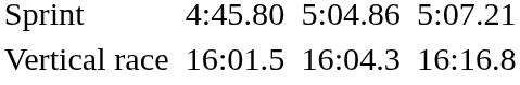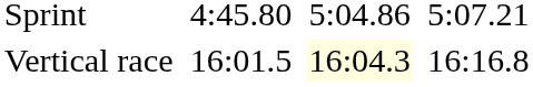 <table>
 <tr>
 <td>Sprint<br></td>
 <td></td>
 <td>4:45.80</td>
 <td></td>
 <td>5:04.86</td>
 <td></td>
 <td>5:07.21</td>
 </tr>
 <tr>
 <td>Vertical race<br></td>
 <td></td>
 <td>16:01.5</td>
 <td></td>
-<td>16:04.3</td>
+<td style="background: lightyellow;">16:04.3</td>
 <td></td>
 <td>16:16.8</td>
 </tr>
 </table>
